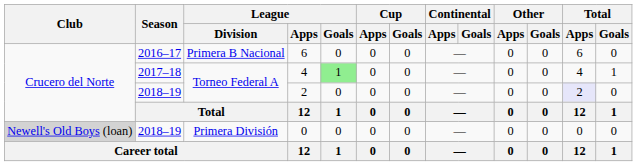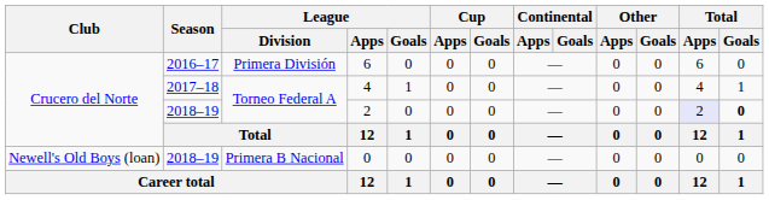 <table class="wikitable" style="text-align:center">
 <tr>
 <th rowspan="2">Club</th>
 <th rowspan="2">Season</th>
 <th colspan="3">League</th>
 <th colspan="2">Cup</th>
 <th colspan="2">Continental</th>
 <th colspan="2">Other</th>
 <th colspan="2">Total</th>
 </tr>
 <tr>
 <th>Division</th>
 <th>Apps</th>
 <th>Goals</th>
 <th>Apps</th>
 <th>Goals</th>
 <th>Apps</th>
 <th>Goals</th>
 <th>Apps</th>
 <th>Goals</th>
 <th>Apps</th>
 <th>Goals</th>
 </tr>
 <tr>
 <td rowspan="4"><a href='#'>Crucero del Norte</a></td>
 <td><a href='#'>2016–17</a></td>
-<td rowspan="1"><a href='#'>Primera B Nacional</a></td>
+<td rowspan="1"><a href='#'>Primera División</a></td>
 <td>6</td>
 <td>0</td>
 <td>0</td>
 <td>0</td>
 <td colspan="2">—</td>
 <td>0</td>
 <td>0</td>
 <td>6</td>
 <td>0</td>
 </tr>
 <tr>
 <td><a href='#'>2017–18</a></td>
 <td rowspan="2"><a href='#'>Torneo Federal A</a></td>
 <td>4</td>
-<td style="background: lightgreen;">1</td>
+<td>1</td>
 <td>0</td>
 <td>0</td>
 <td colspan="2">—</td>
 <td>0</td>
 <td>0</td>
 <td>4</td>
 <td>1</td>
 </tr>
 <tr>
 <td><a href='#'>2018–19</a></td>
 <td>2</td>
 <td>0</td>
 <td>0</td>
 <td>0</td>
 <td colspan="2">—</td>
 <td>0</td>
 <td>0</td>
 <td style="background: lavender;">2</td>
-<td>0</td>
+<td><strong>0</strong></td>
 </tr>
 <tr>
 <th colspan="2">Total</th>
 <th>12</th>
 <th>1</th>
 <th>0</th>
 <th>0</th>
 <th colspan="2">—</th>
 <th>0</th>
 <th>0</th>
 <th>12</th>
 <th>1</th>
 </tr>
 <tr>
-<td rowspan="1" style="background: lightgrey;"><a href='#'>Newell's Old Boys</a> (loan)</td>
+<td rowspan="1"><a href='#'>Newell's Old Boys</a> (loan)</td>
 <td><a href='#'>2018–19</a></td>
-<td rowspan="1"><a href='#'>Primera División</a></td>
+<td rowspan="1"><a href='#'>Primera B Nacional</a></td>
 <td>0</td>
 <td>0</td>
 <td>0</td>
 <td>0</td>
 <td colspan="2">—</td>
 <td>0</td>
 <td>0</td>
 <td>0</td>
 <td>0</td>
 </tr>
 <tr>
 <th colspan="3">Career total</th>
 <th>12</th>
 <th>1</th>
 <th>0</th>
 <th>0</th>
 <th colspan="2">—</th>
 <th>0</th>
 <th>0</th>
 <th>12</th>
 <th>1</th>
 </tr>
 </table>
